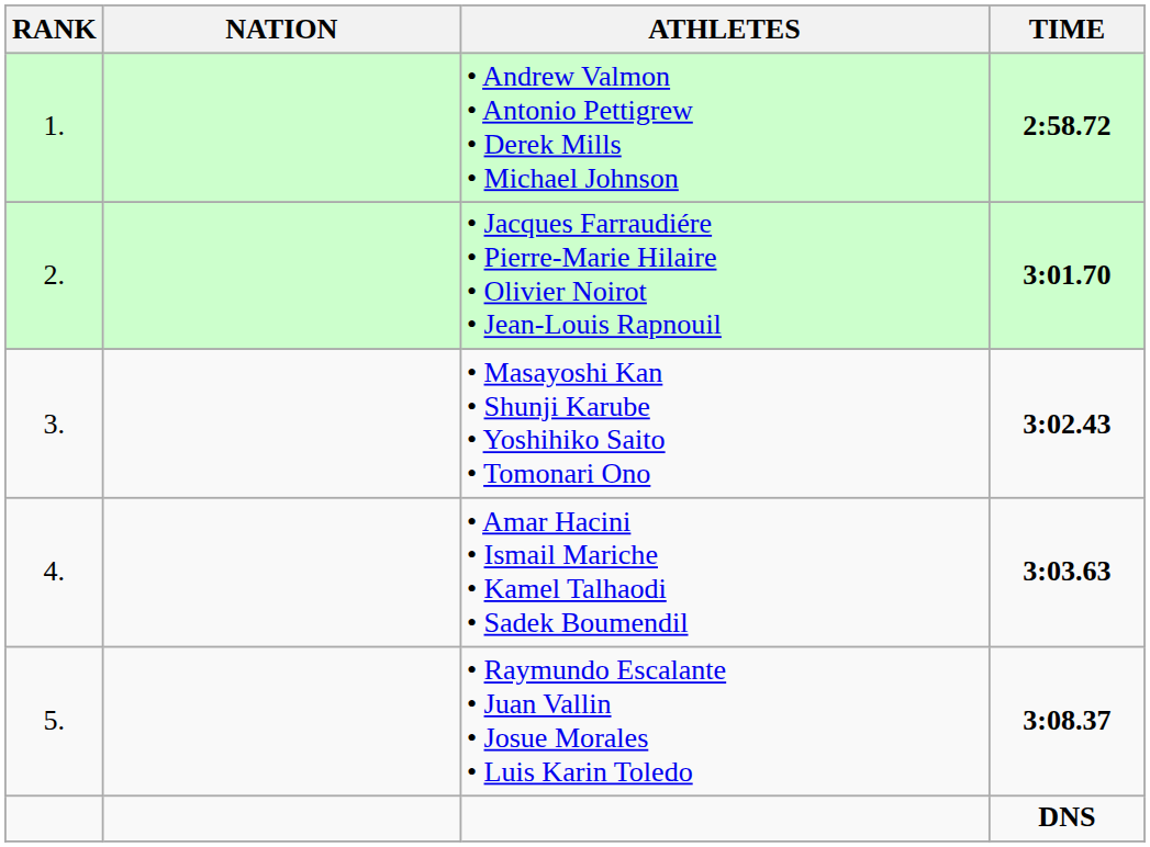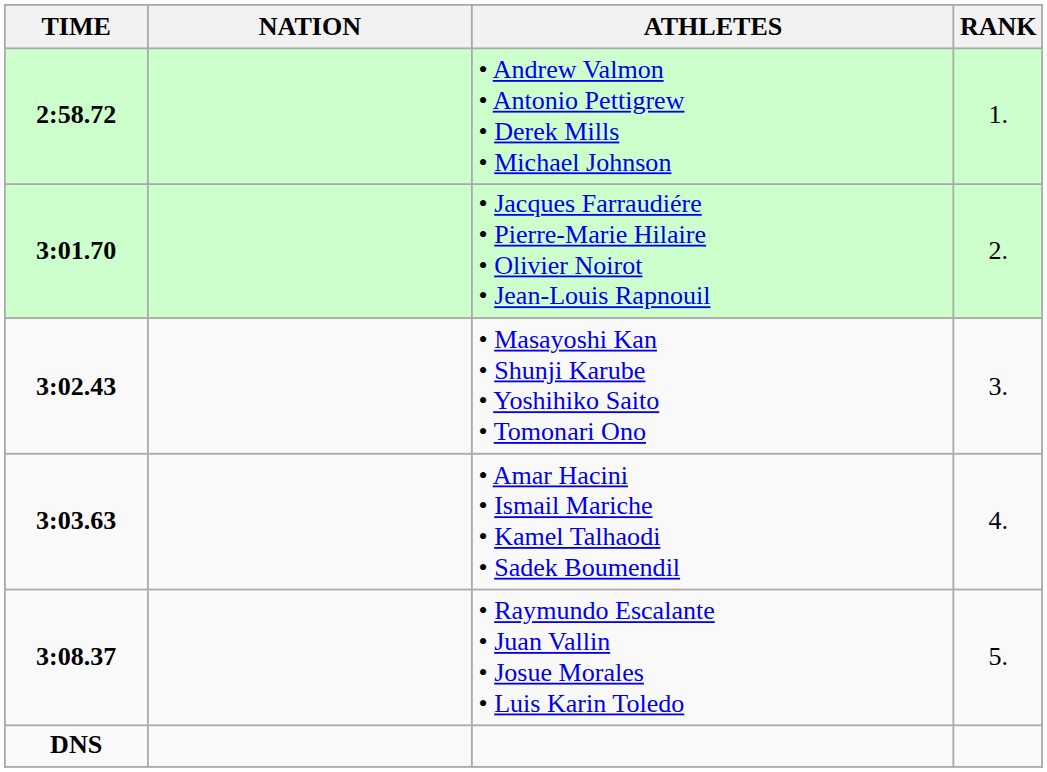 <table class="wikitable" style="border-collapse: collapse; font-size: 90%;">
 <tr>
-<th>RANK</th>
+<th style="width: 5em">TIME</th>
 <th style="width: 12em">NATION</th>
 <th style="width: 18em">ATHLETES</th>
-<th style="width: 5em">TIME</th>
+<th>RANK</th>
 </tr>
 <tr style="background:#ccffcc;">
-<td align="center">1.</td>
+<td align="center"><strong>2:58.72</strong></td>
 <td align="center"></td>
 <td>• <a href='#'>Andrew Valmon</a><br>• <a href='#'>Antonio Pettigrew</a><br>• <a href='#'>Derek Mills</a><br>• <a href='#'>Michael Johnson</a></td>
-<td align="center"><strong>2:58.72</strong></td>
+<td align="center">1.</td>
 </tr>
 <tr style="background:#ccffcc;">
-<td align="center">2.</td>
+<td align="center"><strong>3:01.70</strong></td>
 <td align="center"></td>
 <td>• <a href='#'>Jacques Farraudiére</a><br>• <a href='#'>Pierre-Marie Hilaire</a><br>• <a href='#'>Olivier Noirot</a><br>• <a href='#'>Jean-Louis Rapnouil</a></td>
-<td align="center"><strong>3:01.70</strong></td>
+<td align="center">2.</td>
 </tr>
 <tr>
-<td align="center">3.</td>
+<td align="center"><strong>3:02.43</strong></td>
 <td align="center"></td>
 <td>• <a href='#'>Masayoshi Kan</a><br>• <a href='#'>Shunji Karube</a><br>• <a href='#'>Yoshihiko Saito</a><br>• <a href='#'>Tomonari Ono</a></td>
-<td align="center"><strong>3:02.43</strong></td>
+<td align="center">3.</td>
 </tr>
 <tr>
-<td align="center">4.</td>
+<td align="center"><strong>3:03.63</strong></td>
 <td align="center"></td>
 <td>• <a href='#'>Amar Hacini</a><br>• <a href='#'>Ismail Mariche</a><br>• <a href='#'>Kamel Talhaodi</a><br>• <a href='#'>Sadek Boumendil</a></td>
-<td align="center"><strong>3:03.63</strong></td>
+<td align="center">4.</td>
 </tr>
 <tr>
-<td align="center">5.</td>
+<td align="center"><strong>3:08.37</strong></td>
 <td align="center"></td>
 <td>• <a href='#'>Raymundo Escalante</a><br>• <a href='#'>Juan Vallin</a><br>• <a href='#'>Josue Morales</a><br>• <a href='#'>Luis Karin Toledo</a></td>
-<td align="center"><strong>3:08.37</strong></td>
+<td align="center">5.</td>
 </tr>
 <tr>
-<td align="center"></td>
+<td align="center"><strong>DNS</strong></td>
 <td align="center"></td>
 <td></td>
-<td align="center"><strong>DNS</strong></td>
+<td align="center"></td>
 </tr>
 </table>
